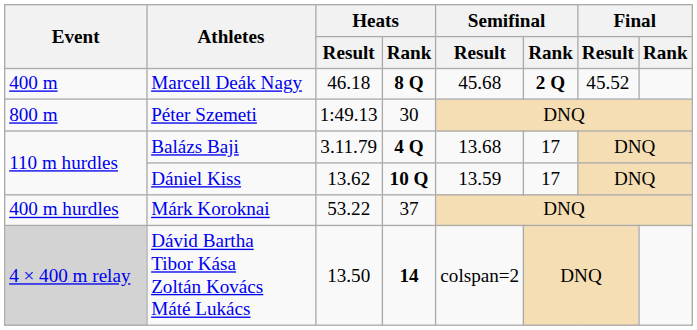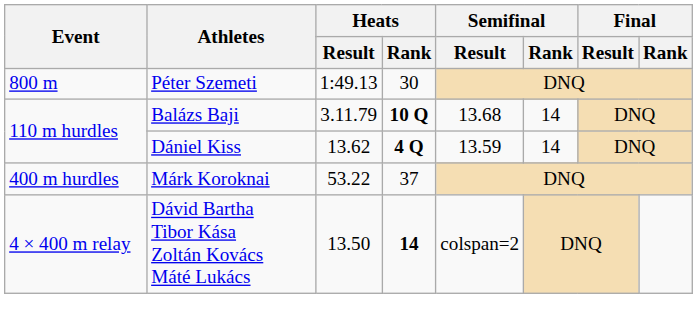 <table class="wikitable" border="1" style="font-size:90%">
 <tr>
 <th rowspan="2" width=100>Event</th>
 <th rowspan="2" width=120>Athletes</th>
 <th colspan="2">Heats</th>
 <th colspan="2">Semifinal</th>
 <th colspan="2">Final</th>
 </tr>
 <tr>
 <th>Result</th>
 <th>Rank</th>
 <th>Result</th>
 <th>Rank</th>
 <th>Result</th>
 <th>Rank</th>
 </tr>
 <tr>
-<td><a href='#'>400 m</a></td>
-<td><a href='#'>Marcell Deák Nagy</a></td>
-<td align=center>46.18</td>
-<td align=center><strong>8 Q</strong></td>
-<td align=center>45.68</td>
-<td align=center><strong>2 Q</strong></td>
-<td align=center>45.52</td>
-<td align=center></td>
-</tr>
-<tr>
 <td><a href='#'>800 m</a></td>
 <td><a href='#'>Péter Szemeti</a></td>
 <td align=center>1:49.13</td>
 <td align=center>30</td>
 <td colspan=4 align=center bgcolor="wheat">DNQ</td>
 </tr>
 <tr>
 <td rowspan=2><a href='#'>110 m hurdles</a></td>
 <td><a href='#'>Balázs Baji</a></td>
 <td align=center>3.11.79</td>
-<td align=center><strong>4 Q</strong></td>
+<td align=center><strong>10 Q</strong></td>
 <td align=center>13.68</td>
-<td align=center>17</td>
+<td align=center>14</td>
 <td colspan=2 align=center bgcolor="wheat">DNQ</td>
 </tr>
 <tr>
 <td><a href='#'>Dániel Kiss</a></td>
 <td align=center>13.62</td>
-<td align=center><strong>10 Q</strong></td>
+<td align=center><strong>4 Q</strong></td>
 <td align=center>13.59</td>
-<td align=center>17</td>
+<td align=center>14</td>
 <td colspan=2 align=center bgcolor="wheat">DNQ</td>
 </tr>
 <tr>
 <td><a href='#'>400 m hurdles</a></td>
 <td><a href='#'>Márk Koroknai</a></td>
 <td align=center>53.22</td>
 <td align=center>37</td>
 <td colspan=4 align=center bgcolor="wheat">DNQ</td>
 </tr>
 <tr>
-<td style="background: lightgrey;"><a href='#'>4 × 400 m relay</a></td>
+<td><a href='#'>4 × 400 m relay</a></td>
 <td><a href='#'>Dávid Bartha</a><br><a href='#'>Tibor Kása</a><br><a href='#'>Zoltán Kovács</a><br><a href='#'>Máté Lukács</a></td>
 <td align=center>13.50</td>
 <td align=center><strong>14</strong></td>
 <td>colspan=2 </td>
 <td colspan=2 align=center bgcolor="wheat">DNQ</td>
 </tr>
 </table>
